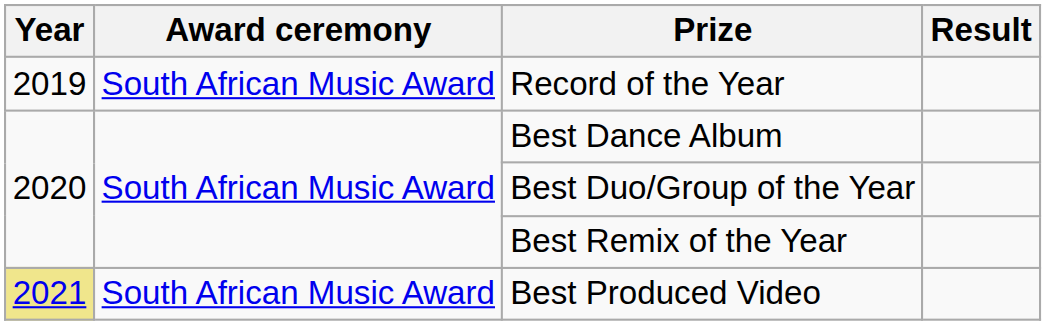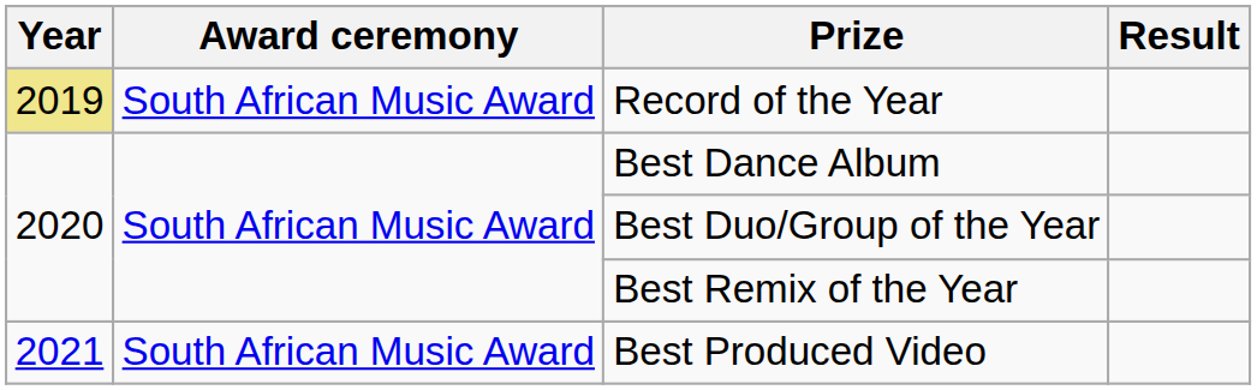 <table class ="wikitable">
 <tr>
 <th>Year</th>
 <th>Award ceremony</th>
 <th>Prize</th>
 <th>Result</th>
 </tr>
 <tr>
-<td>2019</td>
+<td style="background: khaki;">2019</td>
 <td><a href='#'>South African Music Award</a></td>
 <td>Record of the Year</td>
 <td></td>
 </tr>
 <tr>
 <td rowspan="3">2020</td>
 <td rowspan="3"><a href='#'>South African Music Award</a></td>
 <td>Best Dance Album</td>
 <td></td>
 </tr>
 <tr>
 <td>Best Duo/Group of the Year</td>
 <td></td>
 </tr>
 <tr>
 <td>Best Remix of the Year</td>
 <td></td>
 </tr>
 <tr>
-<td style="background: khaki;"><a href='#'>2021</a></td>
+<td><a href='#'>2021</a></td>
 <td><a href='#'>South African Music Award</a></td>
 <td>Best Produced Video</td>
 <td></td>
 </tr>
 </table>
